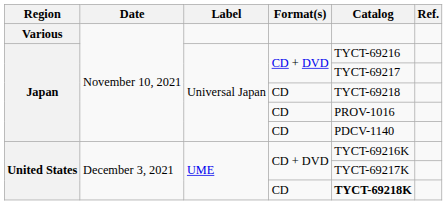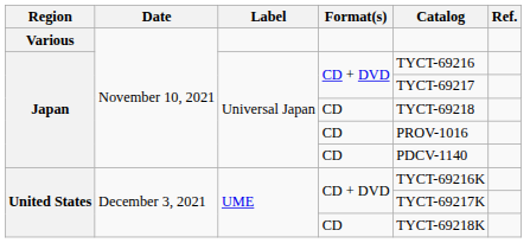 <table class="wikitable plainrowheaders">
 <tr>
 <th row="col">Region</th>
 <th row="col">Date</th>
 <th row="col">Label</th>
 <th row="col">Format(s)</th>
 <th row="col">Catalog</th>
 <th row="col">Ref.</th>
 </tr>
 <tr>
 <th scope="row">Various</th>
 <td rowspan="6">November 10, 2021</td>
 <td></td>
 <td></td>
 <td></td>
 <td align="center"></td>
 </tr>
 <tr>
 <th scope="row" rowspan="5">Japan</th>
 <td rowspan="5">Universal Japan</td>
 <td rowspan="2"><a href='#'>CD</a> + <a href='#'>DVD</a></td>
 <td>TYCT-69216</td>
 <td align="center"></td>
 </tr>
 <tr>
 <td>TYCT-69217</td>
 <td align="center"></td>
 </tr>
 <tr>
 <td>CD</td>
 <td>TYCT-69218</td>
 <td align="center"></td>
 </tr>
 <tr>
 <td>CD </td>
 <td>PROV-1016</td>
 <td align="center"></td>
 </tr>
 <tr>
 <td>CD </td>
 <td>PDCV-1140</td>
 <td align="center"></td>
 </tr>
 <tr>
 <th scope="row" rowspan="3">United States</th>
 <td rowspan="3">December 3, 2021</td>
 <td rowspan="3"><a href='#'>UME</a></td>
 <td rowspan="2">CD + DVD</td>
 <td>TYCT-69216K</td>
 <td align="center"></td>
 </tr>
 <tr>
 <td>TYCT-69217K</td>
 <td align="center"></td>
 </tr>
 <tr>
 <td>CD</td>
-<td><strong>TYCT-69218K</strong></td>
+<td>TYCT-69218K</td>
 <td align="center"></td>
 </tr>
 </table>
